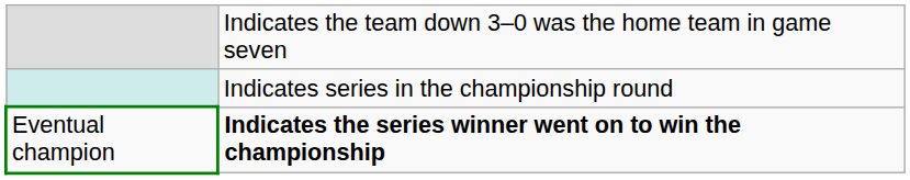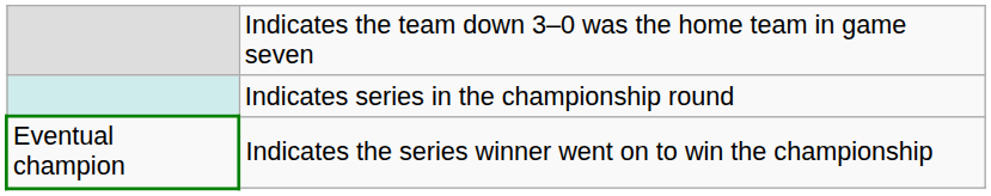 <table class="wikitable">
 <tr>
 <td style="background-color:#dddddd"></td>
 <td>Indicates the team down 3–0 was the home team in game seven</td>
 </tr>
 <tr>
 <td style="background-color:#cfecec"></td>
 <td>Indicates series in the championship round</td>
 </tr>
 <tr>
 <td style="border-bottom:2px solid green; border-top:2px solid green; border-left:2px solid green; border-right:2px solid green">Eventual champion</td>
-<td><strong>Indicates the series winner went on to win the championship</strong></td>
+<td>Indicates the series winner went on to win the championship</td>
 </tr>
 </table>
